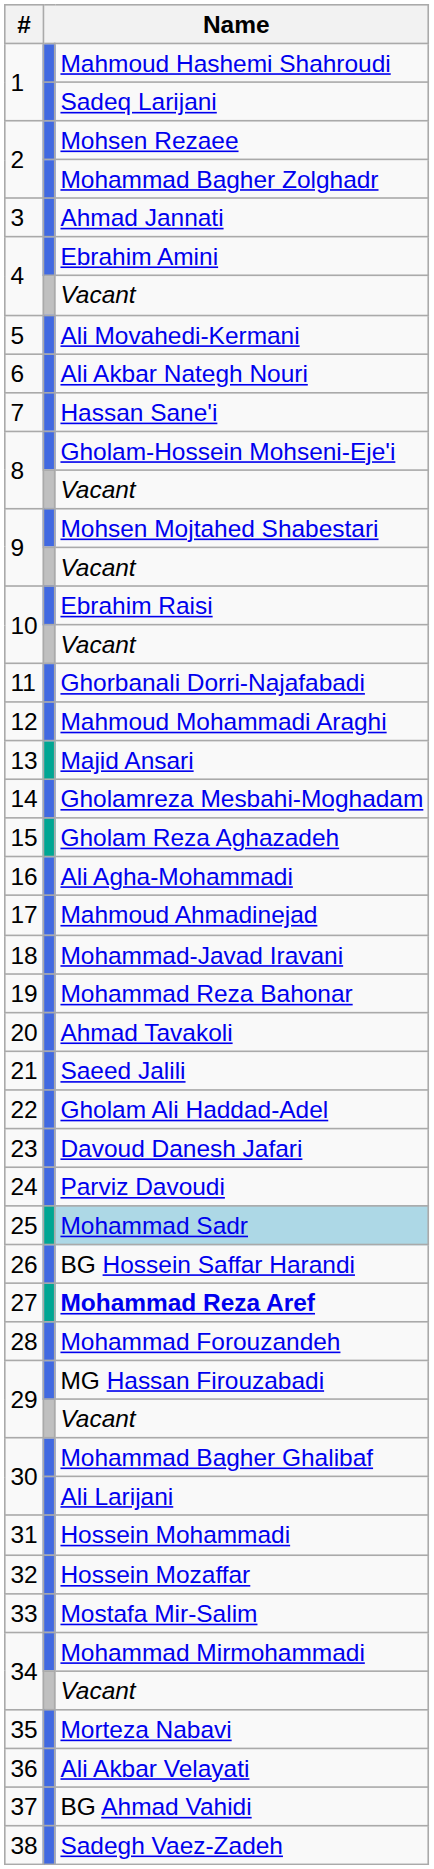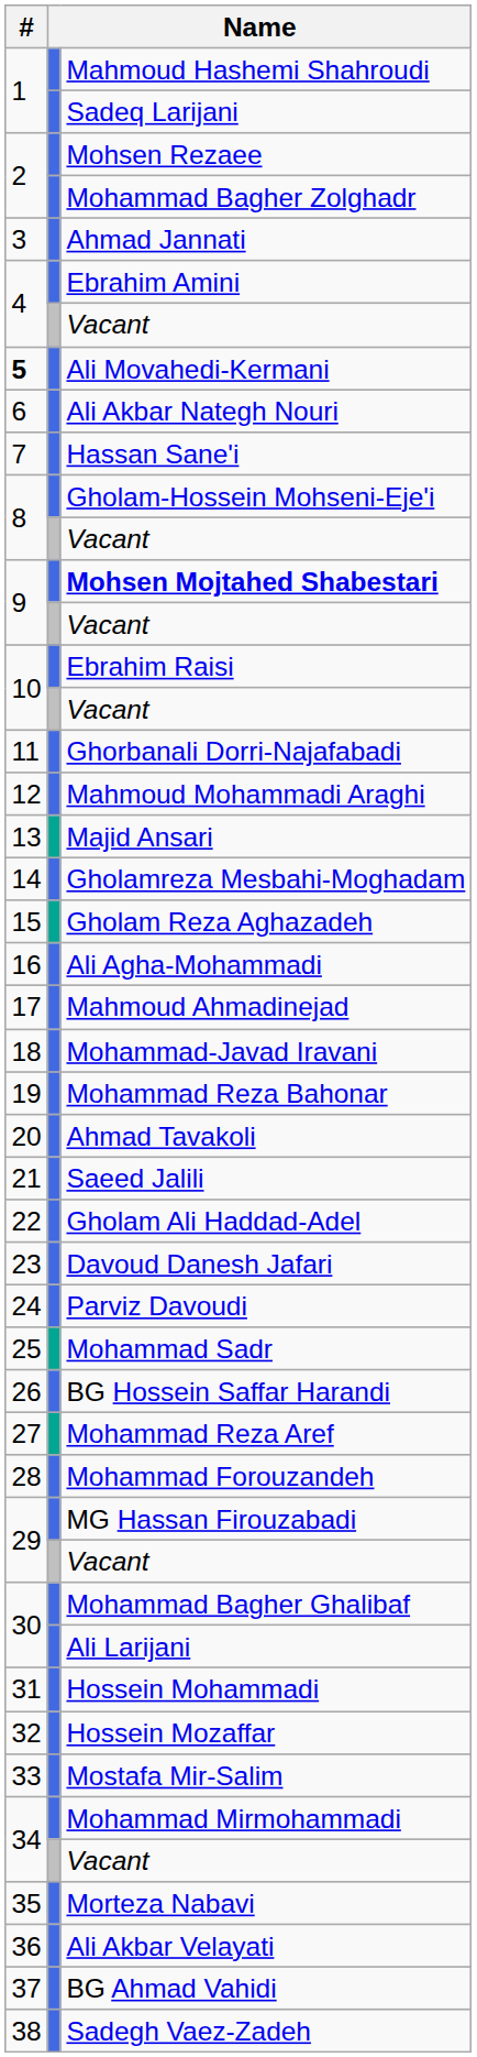 <table class="wikitable" style="font-size:95%;text-left;">
 <tr>
 <th>#</th>
 <th colspan="2">Name</th>
 </tr>
 <tr>
 <td rowspan="2">1</td>
 <td style="background:#4169E1"></td>
 <td><a href='#'>Mahmoud Hashemi Shahroudi</a> </td>
 </tr>
 <tr>
 <td style="background:#4169E1"></td>
 <td><a href='#'>Sadeq Larijani</a> </td>
 </tr>
 <tr>
 <td rowspan="2">2</td>
 <td style="background:#4169E1"></td>
 <td><a href='#'>Mohsen Rezaee</a> </td>
 </tr>
 <tr>
 <td style="background:#4169E1"></td>
 <td><a href='#'>Mohammad Bagher Zolghadr</a> </td>
 </tr>
 <tr>
 <td>3</td>
 <td style="background:#4169E1"></td>
 <td><a href='#'>Ahmad Jannati</a></td>
 </tr>
 <tr>
 <td rowspan="2">4</td>
 <td style="background:#4169E1"></td>
 <td><a href='#'>Ebrahim Amini</a> </td>
 </tr>
 <tr>
 <td style="background:#C0C0C0"></td>
 <td><em>Vacant</em></td>
 </tr>
 <tr>
-<td>5</td>
+<td><strong>5</strong></td>
 <td style="background:#4169E1"></td>
 <td><a href='#'>Ali Movahedi-Kermani</a></td>
 </tr>
 <tr>
 <td>6</td>
 <td style="background:#4169E1"></td>
 <td><a href='#'>Ali Akbar Nategh Nouri</a></td>
 </tr>
 <tr>
 <td>7</td>
 <td style="background:#4169E1"></td>
 <td><a href='#'>Hassan Sane'i</a></td>
 </tr>
 <tr>
 <td rowspan="2">8</td>
 <td style="background:#4169E1"></td>
 <td><a href='#'>Gholam-Hossein Mohseni-Eje'i</a> </td>
 </tr>
 <tr>
 <td style="background:#C0C0C0"></td>
 <td><em>Vacant</em></td>
 </tr>
 <tr>
 <td rowspan="2">9</td>
 <td style="background:#4169E1"></td>
-<td><a href='#'>Mohsen Mojtahed Shabestari</a> </td>
+<td><strong><a href='#'>Mohsen Mojtahed Shabestari</a> </strong></td>
 </tr>
 <tr>
 <td style="background:#C0C0C0"></td>
 <td><em>Vacant</em></td>
 </tr>
 <tr>
 <td rowspan="2">10</td>
 <td style="background:#4169E1"></td>
 <td><a href='#'>Ebrahim Raisi</a> </td>
 </tr>
 <tr>
 <td style="background:#C0C0C0"></td>
 <td><em>Vacant</em></td>
 </tr>
 <tr>
 <td>11</td>
 <td style="background:#4169E1"></td>
 <td><a href='#'>Ghorbanali Dorri-Najafabadi</a></td>
 </tr>
 <tr>
 <td>12</td>
 <td style="background:#4169E1"></td>
 <td><a href='#'>Mahmoud Mohammadi Araghi</a></td>
 </tr>
 <tr>
 <td>13</td>
 <td style="background:#00A693"></td>
 <td><a href='#'>Majid Ansari</a></td>
 </tr>
 <tr>
 <td>14</td>
 <td style="background:#4169E1"></td>
 <td><a href='#'>Gholamreza Mesbahi-Moghadam</a></td>
 </tr>
 <tr>
 <td>15</td>
 <td style="background:#00A693"></td>
 <td><a href='#'>Gholam Reza Aghazadeh</a></td>
 </tr>
 <tr>
 <td>16</td>
 <td style="background:#4169E1"></td>
 <td><a href='#'>Ali Agha-Mohammadi</a></td>
 </tr>
 <tr>
 <td>17</td>
 <td style="background:#4169E1"></td>
 <td><a href='#'>Mahmoud Ahmadinejad</a></td>
 </tr>
 <tr>
 <td>18</td>
 <td style="background:#4169E1"></td>
 <td><a href='#'>Mohammad-Javad Iravani</a></td>
 </tr>
 <tr>
 <td>19</td>
 <td style="background:#4169E1"></td>
 <td><a href='#'>Mohammad Reza Bahonar</a></td>
 </tr>
 <tr>
 <td>20</td>
 <td style="background:#4169E1"></td>
 <td><a href='#'>Ahmad Tavakoli</a></td>
 </tr>
 <tr>
 <td>21</td>
 <td style="background:#4169E1"></td>
 <td><a href='#'>Saeed Jalili</a></td>
 </tr>
 <tr>
 <td>22</td>
 <td style="background:#4169E1"></td>
 <td><a href='#'>Gholam Ali Haddad-Adel</a></td>
 </tr>
 <tr>
 <td>23</td>
 <td style="background:#4169E1"></td>
 <td><a href='#'>Davoud Danesh Jafari</a></td>
 </tr>
 <tr>
 <td>24</td>
 <td style="background:#4169E1"></td>
 <td><a href='#'>Parviz Davoudi</a></td>
 </tr>
 <tr>
 <td>25</td>
 <td style="background:#00A693"></td>
-<td style="background: lightblue;"><a href='#'>Mohammad Sadr</a></td>
+<td><a href='#'>Mohammad Sadr</a></td>
 </tr>
 <tr>
 <td>26</td>
 <td style="background:#4169E1"></td>
 <td>BG <a href='#'>Hossein Saffar Harandi</a></td>
 </tr>
 <tr>
 <td>27</td>
 <td style="background:#00A693"></td>
-<td><strong><a href='#'>Mohammad Reza Aref</a></strong></td>
+<td><a href='#'>Mohammad Reza Aref</a></td>
 </tr>
 <tr>
 <td>28</td>
 <td style="background:#4169E1"></td>
 <td><a href='#'>Mohammad Forouzandeh</a></td>
 </tr>
 <tr>
 <td rowspan="2">29</td>
 <td style="background:#4169E1"></td>
 <td>MG <a href='#'>Hassan Firouzabadi</a> </td>
 </tr>
 <tr>
 <td style="background:#C0C0C0"></td>
 <td><em>Vacant</em></td>
 </tr>
 <tr>
 <td rowspan="2">30</td>
 <td style="background:#4169E1"></td>
 <td><a href='#'>Mohammad Bagher Ghalibaf</a> </td>
 </tr>
 <tr>
 <td style="background:#4169E1"></td>
 <td><a href='#'>Ali Larijani</a> </td>
 </tr>
 <tr>
 <td>31</td>
 <td style="background:#4169E1"></td>
 <td><a href='#'>Hossein Mohammadi</a></td>
 </tr>
 <tr>
 <td>32</td>
 <td style="background:#4169E1"></td>
 <td><a href='#'>Hossein Mozaffar</a></td>
 </tr>
 <tr>
 <td>33</td>
 <td style="background:#4169E1"></td>
 <td><a href='#'>Mostafa Mir-Salim</a></td>
 </tr>
 <tr>
 <td rowspan="2">34</td>
 <td style="background:#4169E1"></td>
 <td><a href='#'>Mohammad Mirmohammadi</a> </td>
 </tr>
 <tr>
 <td style="background:#C0C0C0"></td>
 <td><em>Vacant</em></td>
 </tr>
 <tr>
 <td>35</td>
 <td style="background:#4169E1"></td>
 <td><a href='#'>Morteza Nabavi</a></td>
 </tr>
 <tr>
 <td>36</td>
 <td style="background:#4169E1"></td>
 <td><a href='#'>Ali Akbar Velayati</a></td>
 </tr>
 <tr>
 <td>37</td>
 <td style="background:#4169E1"></td>
 <td>BG <a href='#'>Ahmad Vahidi</a></td>
 </tr>
 <tr>
 <td>38</td>
 <td style="background:#4169E1"></td>
 <td><a href='#'>Sadegh Vaez-Zadeh</a></td>
 </tr>
 </table>
